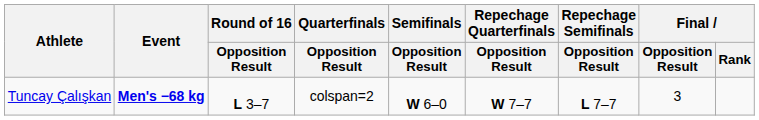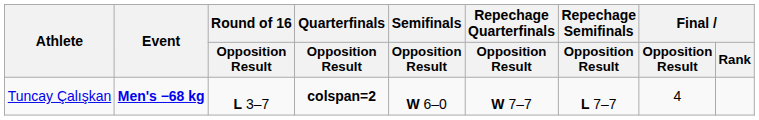 <table class=wikitable style=font-size:90%;text-align:center>
 <tr>
 <th rowspan=2>Athlete</th>
 <th rowspan=2>Event</th>
 <th>Round of 16</th>
 <th>Quarterfinals</th>
 <th>Semifinals</th>
 <th>Repechage<br>Quarterfinals</th>
 <th>Repechage<br>Semifinals</th>
 <th colspan=2>Final / </th>
 </tr>
 <tr style=font-size:95%>
 <th>Opposition<br>Result</th>
 <th>Opposition<br>Result</th>
 <th>Opposition<br>Result</th>
 <th>Opposition<br>Result</th>
 <th>Opposition<br>Result</th>
 <th>Opposition<br>Result</th>
 <th>Rank</th>
 </tr>
 <tr>
 <td align=left><a href='#'>Tuncay Çalışkan</a></td>
 <td align=left><strong><a href='#'>Men's −68 kg</a></strong></td>
 <td><br><strong>L</strong> 3–7</td>
-<td>colspan=2 </td>
+<td><strong>colspan=2 </strong></td>
 <td><br><strong>W</strong> 6–0</td>
 <td><br><strong>W</strong> 7–7</td>
 <td><br><strong>L</strong> 7–7</td>
-<td>3</td>
+<td>4</td>
 </tr>
 </table>
